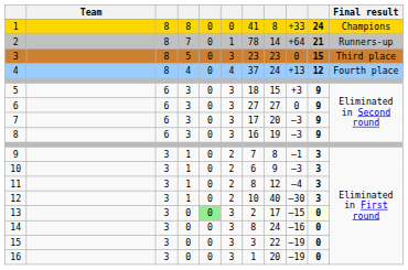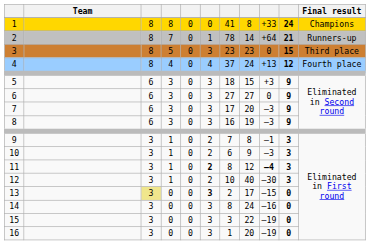 <table class=wikitable style="text-align:center">
 <tr>
 <th width="25"></th>
 <th width="180">Team</th>
 <th width="25"></th>
 <th width="25"></th>
 <th width="25"></th>
 <th width="25"></th>
 <th width="25"></th>
 <th width="25"></th>
 <th width="25"></th>
 <th width="25"></th>
 <th width="100">Final result</th>
 </tr>
 <tr>
 </tr>
 <tr style="background: #FFD700;">
 <td>1</td>
 <td align=left></td>
 <td>8</td>
 <td>8</td>
 <td>0</td>
 <td>0</td>
 <td>41</td>
 <td>8</td>
 <td>+33</td>
 <td><strong>24</strong></td>
 <td>Champions</td>
 </tr>
 <tr style="background: #C0C0C0;">
 <td>2</td>
 <td align=left></td>
 <td>8</td>
 <td>7</td>
 <td>0</td>
 <td>1</td>
 <td>78</td>
 <td>14</td>
 <td>+64</td>
 <td><strong>21</strong></td>
 <td>Runners-up</td>
 </tr>
 <tr style="background: #CD7F32;">
 <td>3</td>
 <td align=left></td>
 <td>8</td>
 <td>5</td>
 <td>0</td>
 <td>3</td>
 <td>23</td>
 <td>23</td>
 <td>0</td>
 <td><strong>15</strong></td>
 <td>Third place</td>
 </tr>
 <tr bgcolor=#9acdff>
 <td>4</td>
 <td align=left></td>
 <td>8</td>
 <td>4</td>
 <td>0</td>
 <td>4</td>
 <td>37</td>
 <td>24</td>
 <td>+13</td>
 <td><strong>12</strong></td>
 <td>Fourth place</td>
 </tr>
 <tr style="border-top:8px solid #BBBBBB;">
 <td>5</td>
 <td align=left></td>
 <td>6</td>
 <td>3</td>
 <td>0</td>
 <td>3</td>
 <td>18</td>
 <td>15</td>
 <td>+3</td>
 <td><strong>9</strong></td>
 <td rowspan=4>Eliminated in <a href='#'>Second round</a></td>
 </tr>
 <tr>
 <td>6</td>
 <td align=left></td>
 <td>6</td>
 <td>3</td>
 <td>0</td>
 <td>3</td>
 <td>27</td>
 <td>27</td>
 <td>0</td>
 <td><strong>9</strong></td>
 </tr>
 <tr>
 <td>7</td>
 <td align=left></td>
 <td>6</td>
 <td>3</td>
 <td>0</td>
 <td>3</td>
 <td>17</td>
 <td>20</td>
 <td>–3</td>
 <td><strong>9</strong></td>
 </tr>
 <tr>
 <td>8</td>
 <td align=left></td>
 <td>6</td>
 <td>3</td>
 <td>0</td>
 <td>3</td>
 <td>16</td>
 <td>19</td>
 <td>–3</td>
 <td><strong>9</strong></td>
 </tr>
 <tr style="border-top:8px solid #BBBBBB;">
 <td>9</td>
 <td align=left></td>
 <td>3</td>
 <td>1</td>
 <td>0</td>
 <td>2</td>
 <td>7</td>
 <td>8</td>
 <td>–1</td>
 <td><strong>3</strong></td>
 <td rowspan=8>Eliminated in <a href='#'>First round</a></td>
 </tr>
 <tr>
 <td>10</td>
 <td align=left></td>
 <td>3</td>
 <td>1</td>
 <td>0</td>
 <td>2</td>
 <td>6</td>
 <td>9</td>
 <td>–3</td>
 <td><strong>3</strong></td>
 </tr>
 <tr>
 <td>11</td>
 <td align=left></td>
 <td>3</td>
 <td>1</td>
 <td>0</td>
-<td>2</td>
+<td><strong>2</strong></td>
 <td>8</td>
 <td>12</td>
-<td>–4</td>
+<td><strong>–4</strong></td>
 <td><strong>3</strong></td>
 </tr>
 <tr>
 <td>12</td>
 <td align=left></td>
 <td>3</td>
 <td>1</td>
 <td>0</td>
 <td>2</td>
 <td>10</td>
 <td>40</td>
 <td>–30</td>
 <td><strong>3</strong></td>
 </tr>
 <tr>
 <td>13</td>
 <td align=left></td>
-<td>3</td>
+<td style="background: khaki;">3</td>
 <td>0</td>
-<td style="background: lightgreen;">0</td>
-<td>3</td>
+<td>0</td>
+<td><strong>3</strong></td>
 <td>2</td>
 <td>17</td>
 <td>–15</td>
-<td style="background: lightyellow;"><strong>0</strong></td>
+<td><strong>0</strong></td>
 </tr>
 <tr>
 <td>14</td>
 <td align=left></td>
 <td>3</td>
 <td>0</td>
 <td>0</td>
 <td>3</td>
 <td>8</td>
 <td>24</td>
 <td>–16</td>
 <td><strong>0</strong></td>
 </tr>
 <tr>
 <td>15</td>
 <td align=left></td>
 <td>3</td>
 <td>0</td>
 <td>0</td>
 <td>3</td>
 <td>3</td>
 <td>22</td>
 <td>–19</td>
 <td><strong>0</strong></td>
 </tr>
 <tr>
 <td>16</td>
 <td align=left></td>
 <td>3</td>
 <td>0</td>
 <td>0</td>
 <td>3</td>
 <td>1</td>
 <td>20</td>
 <td>–19</td>
 <td><strong>0</strong></td>
 </tr>
 </table>
